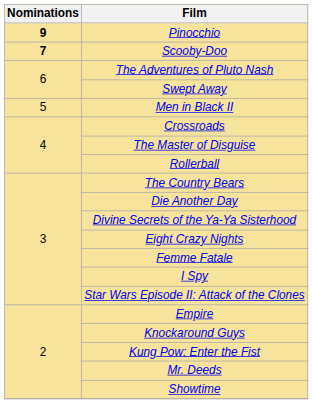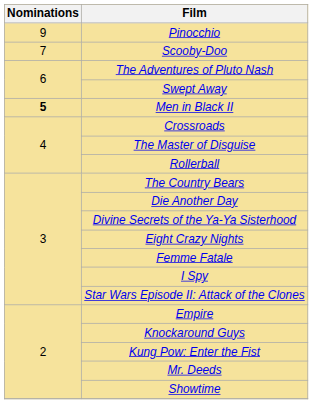 <table class="wikitable sortable" rowspan=2 style="text-align: center; background: #f6e39c">
 <tr>
 <th scope="col" width="55">Nominations</th>
 <th scope="col" align="center">Film</th>
 </tr>
 <tr>
-<td><strong>9</strong></td>
+<td>9</td>
 <td><em><a href='#'>Pinocchio</a></em></td>
 </tr>
 <tr>
-<td><strong>7</strong></td>
+<td>7</td>
 <td><em><a href='#'>Scooby-Doo</a></em></td>
 </tr>
 <tr>
 <td rowspan="2" style="text-align:center">6</td>
 <td><em><a href='#'>The Adventures of Pluto Nash</a></em></td>
 </tr>
 <tr>
 <td><em><a href='#'>Swept Away</a></em></td>
 </tr>
 <tr>
-<td>5</td>
+<td><strong>5</strong></td>
 <td><em><a href='#'>Men in Black II</a></em></td>
 </tr>
 <tr>
 <td rowspan="3" style="text-align:center">4</td>
 <td><em><a href='#'>Crossroads</a></em></td>
 </tr>
 <tr>
 <td><em><a href='#'>The Master of Disguise</a></em></td>
 </tr>
 <tr>
 <td><em><a href='#'>Rollerball</a></em></td>
 </tr>
 <tr>
 <td rowspan="7" style="text-align:center">3</td>
 <td><em><a href='#'>The Country Bears</a></em></td>
 </tr>
 <tr>
 <td><em><a href='#'>Die Another Day</a></em></td>
 </tr>
 <tr>
 <td><em><a href='#'>Divine Secrets of the Ya-Ya Sisterhood</a></em></td>
 </tr>
 <tr>
 <td><em><a href='#'>Eight Crazy Nights</a></em></td>
 </tr>
 <tr>
 <td><em><a href='#'>Femme Fatale</a></em></td>
 </tr>
 <tr>
 <td><em><a href='#'>I Spy</a></em></td>
 </tr>
 <tr>
 <td><em><a href='#'>Star Wars Episode II: Attack of the Clones</a></em></td>
 </tr>
 <tr>
 <td rowspan="5" style="text-align:center">2</td>
 <td><em><a href='#'>Empire</a></em></td>
 </tr>
 <tr>
 <td><em><a href='#'>Knockaround Guys</a></em></td>
 </tr>
 <tr>
 <td><em><a href='#'>Kung Pow: Enter the Fist</a></em></td>
 </tr>
 <tr>
 <td><em><a href='#'>Mr. Deeds</a></em></td>
 </tr>
 <tr>
 <td><em><a href='#'>Showtime</a></em></td>
 </tr>
 <tr>
 </tr>
 </table>
